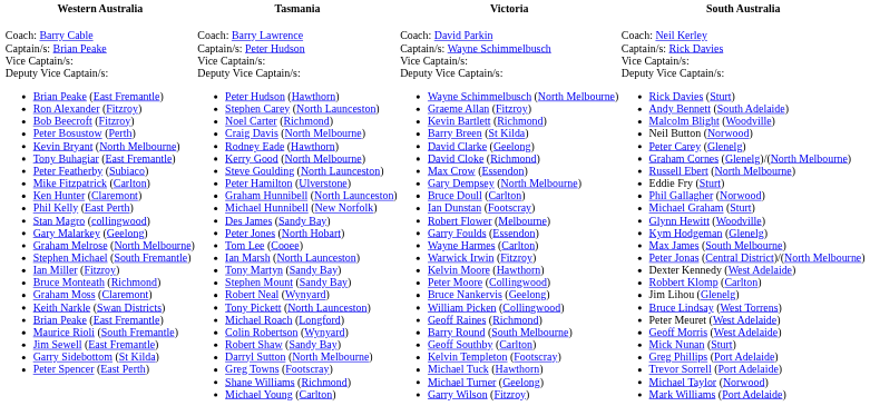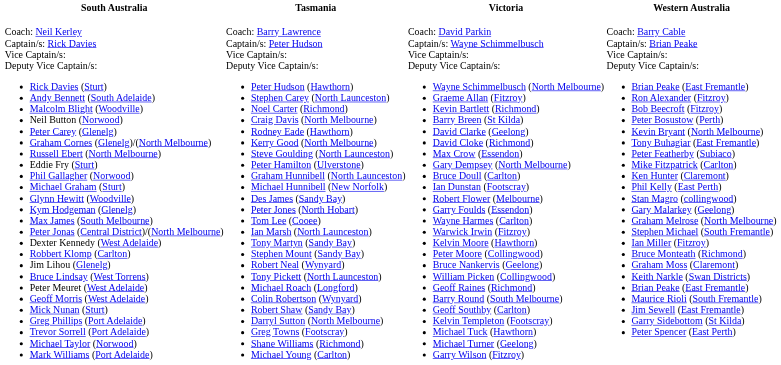 <table>
 <tr>
-<th><span>Western Australia </span></th>
+<th><span>South Australia </span></th>
 <th><span>Tasmania </span></th>
 <th><span>Victoria </span></th>
-<th><span>South Australia </span></th>
+<th><span>Western Australia </span></th>
 </tr>
 <tr valign="top">
-<td><br>Coach: <a href='#'>Barry Cable</a> <br> Captain/s: <a href='#'>Brian Peake</a> <br> Vice Captain/s: <br> Deputy Vice Captain/s: <br><ul><li><a href='#'>Brian Peake</a> (<a href='#'>East Fremantle</a>)</li><li><a href='#'>Ron Alexander</a> (<a href='#'>Fitzroy</a>)</li><li><a href='#'>Bob Beecroft</a> (<a href='#'>Fitzroy</a>)</li><li><a href='#'>Peter Bosustow</a> (<a href='#'>Perth</a>)</li><li><a href='#'>Kevin Bryant</a> (<a href='#'>North Melbourne</a>)</li><li><a href='#'>Tony Buhagiar</a> (<a href='#'>East Fremantle</a>)</li><li><a href='#'>Peter Featherby</a> (<a href='#'>Subiaco</a>)</li><li><a href='#'>Mike Fitzpatrick</a> (<a href='#'>Carlton</a>)</li><li><a href='#'>Ken Hunter</a> (<a href='#'>Claremont</a>)</li><li><a href='#'>Phil Kelly</a> (<a href='#'>East Perth</a>)</li><li><a href='#'>Stan Magro</a> (<a href='#'>collingwood</a>)</li><li><a href='#'>Gary Malarkey</a> (<a href='#'>Geelong</a>)</li><li><a href='#'>Graham Melrose</a> (<a href='#'>North Melbourne</a>)</li><li><a href='#'>Stephen Michael</a> (<a href='#'>South Fremantle</a>)</li><li><a href='#'>Ian Miller</a> (<a href='#'>Fitzroy</a>)</li><li><a href='#'>Bruce Monteath</a> (<a href='#'>Richmond</a>)</li><li><a href='#'>Graham Moss</a> (<a href='#'>Claremont</a>)</li><li><a href='#'>Keith Narkle</a> (<a href='#'>Swan Districts</a>)</li><li><a href='#'>Brian Peake</a> (<a href='#'>East Fremantle</a>)</li><li><a href='#'>Maurice Rioli</a> (<a href='#'>South Fremantle</a>)</li><li><a href='#'>Jim Sewell</a> (<a href='#'>East Fremantle</a>)</li><li><a href='#'>Garry Sidebottom</a> (<a href='#'>St Kilda</a>)</li><li><a href='#'>Peter Spencer</a> (<a href='#'>East Perth</a>)</li></ul></td>
+<td><br>Coach: <a href='#'>Neil Kerley</a> <br> Captain/s: <a href='#'>Rick Davies</a> <br> Vice Captain/s: <br> Deputy Vice Captain/s: <br><ul><li><a href='#'>Rick Davies</a> (<a href='#'>Sturt</a>)</li><li><a href='#'>Andy Bennett</a> (<a href='#'>South Adelaide</a>)</li><li><a href='#'>Malcolm Blight</a> (<a href='#'>Woodville</a>)</li><li>Neil Button (<a href='#'>Norwood</a>)</li><li><a href='#'>Peter Carey</a> (<a href='#'>Glenelg</a>)</li><li><a href='#'>Graham Cornes</a> (<a href='#'>Glenelg</a>)/(<a href='#'>North Melbourne</a>)</li><li><a href='#'>Russell Ebert</a> (<a href='#'>North Melbourne</a>)</li><li>Eddie Fry (<a href='#'>Sturt</a>)</li><li><a href='#'>Phil Gallagher</a> (<a href='#'>Norwood</a>)</li><li><a href='#'>Michael Graham</a> (<a href='#'>Sturt</a>)</li><li><a href='#'>Glynn Hewitt</a> (<a href='#'>Woodville</a>)</li><li><a href='#'>Kym Hodgeman</a> (<a href='#'>Glenelg</a>)</li><li><a href='#'>Max James</a> (<a href='#'>South Melbourne</a>)</li><li><a href='#'>Peter Jonas</a> (<a href='#'>Central District</a>)/(<a href='#'>North Melbourne</a>)</li><li>Dexter Kennedy (<a href='#'>West Adelaide</a>)</li><li><a href='#'>Robbert Klomp</a> (<a href='#'>Carlton</a>)</li><li>Jim Lihou (<a href='#'>Glenelg</a>)</li><li><a href='#'>Bruce Lindsay</a> (<a href='#'>West Torrens</a>)</li><li>Peter Meuret (<a href='#'>West Adelaide</a>)</li><li><a href='#'>Geoff Morris</a> (<a href='#'>West Adelaide</a>)</li><li><a href='#'>Mick Nunan</a> (<a href='#'>Sturt</a>)</li><li><a href='#'>Greg Phillips</a> (<a href='#'>Port Adelaide</a>)</li><li><a href='#'>Trevor Sorrell</a> (<a href='#'>Port Adelaide</a>)</li><li><a href='#'>Michael Taylor</a> (<a href='#'>Norwood</a>)</li><li><a href='#'>Mark Williams</a> (<a href='#'>Port Adelaide</a>)</li></ul></td>
 <td><br>Coach: <a href='#'>Barry Lawrence</a> <br> Captain/s: <a href='#'>Peter Hudson</a> <br> Vice Captain/s: <br> Deputy Vice Captain/s: <br><ul><li><a href='#'>Peter Hudson</a> (<a href='#'>Hawthorn</a>)</li><li><a href='#'>Stephen Carey</a> (<a href='#'>North Launceston</a>)</li><li><a href='#'>Noel Carter</a> (<a href='#'>Richmond</a>)</li><li><a href='#'>Craig Davis</a> (<a href='#'>North Melbourne</a>)</li><li><a href='#'>Rodney Eade</a> (<a href='#'>Hawthorn</a>)</li><li><a href='#'>Kerry Good</a> (<a href='#'>North Melbourne</a>)</li><li><a href='#'>Steve Goulding</a> (<a href='#'>North Launceston</a>)</li><li><a href='#'>Peter Hamilton</a> (<a href='#'>Ulverstone</a>)</li><li><a href='#'>Graham Hunnibell</a> (<a href='#'>North Launceston</a>)</li><li><a href='#'>Michael Hunnibell</a> (<a href='#'>New Norfolk</a>)</li><li><a href='#'>Des James</a> (<a href='#'>Sandy Bay</a>)</li><li><a href='#'>Peter Jones</a> (<a href='#'>North Hobart</a>)</li><li><a href='#'>Tom Lee</a> (<a href='#'>Cooee</a>)</li><li><a href='#'>Ian Marsh</a> (<a href='#'>North Launceston</a>)</li><li><a href='#'>Tony Martyn</a> (<a href='#'>Sandy Bay</a>)</li><li><a href='#'>Stephen Mount</a> (<a href='#'>Sandy Bay</a>)</li><li><a href='#'>Robert Neal</a> (<a href='#'>Wynyard</a>)</li><li><a href='#'>Tony Pickett</a> (<a href='#'>North Launceston</a>)</li><li><a href='#'>Michael Roach</a> (<a href='#'>Longford</a>)</li><li><a href='#'>Colin Robertson</a> (<a href='#'>Wynyard</a>)</li><li><a href='#'>Robert Shaw</a> (<a href='#'>Sandy Bay</a>)</li><li><a href='#'>Darryl Sutton</a> (<a href='#'>North Melbourne</a>)</li><li><a href='#'>Greg Towns</a> (<a href='#'>Footscray</a>)</li><li><a href='#'>Shane Williams</a> (<a href='#'>Richmond</a>)</li><li><a href='#'>Michael Young</a> (<a href='#'>Carlton</a>)</li></ul></td>
 <td><br>Coach: <a href='#'>David Parkin</a> <br> Captain/s: <a href='#'>Wayne Schimmelbusch</a> <br> Vice Captain/s: <br> Deputy Vice Captain/s: <br><ul><li><a href='#'>Wayne Schimmelbusch</a> (<a href='#'>North Melbourne</a>)</li><li><a href='#'>Graeme Allan</a> (<a href='#'>Fitzroy</a>)</li><li><a href='#'>Kevin Bartlett</a> (<a href='#'>Richmond</a>)</li><li><a href='#'>Barry Breen</a> (<a href='#'>St Kilda</a>)</li><li><a href='#'>David Clarke</a> (<a href='#'>Geelong</a>)</li><li><a href='#'>David Cloke</a> (<a href='#'>Richmond</a>)</li><li><a href='#'>Max Crow</a> (<a href='#'>Essendon</a>)</li><li><a href='#'>Gary Dempsey</a> (<a href='#'>North Melbourne</a>)</li><li><a href='#'>Bruce Doull</a> (<a href='#'>Carlton</a>)</li><li><a href='#'>Ian Dunstan</a> (<a href='#'>Footscray</a>)</li><li><a href='#'>Robert Flower</a> (<a href='#'>Melbourne</a>)</li><li><a href='#'>Garry Foulds</a> (<a href='#'>Essendon</a>)</li><li><a href='#'>Wayne Harmes</a> (<a href='#'>Carlton</a>)</li><li><a href='#'>Warwick Irwin</a> (<a href='#'>Fitzroy</a>)</li><li><a href='#'>Kelvin Moore</a> (<a href='#'>Hawthorn</a>)</li><li><a href='#'>Peter Moore</a> (<a href='#'>Collingwood</a>)</li><li><a href='#'>Bruce Nankervis</a> (<a href='#'>Geelong</a>)</li><li><a href='#'>William Picken</a> (<a href='#'>Collingwood</a>)</li><li><a href='#'>Geoff Raines</a> (<a href='#'>Richmond</a>)</li><li><a href='#'>Barry Round</a> (<a href='#'>South Melbourne</a>)</li><li><a href='#'>Geoff Southby</a> (<a href='#'>Carlton</a>)</li><li><a href='#'>Kelvin Templeton</a> (<a href='#'>Footscray</a>)</li><li><a href='#'>Michael Tuck</a> (<a href='#'>Hawthorn</a>)</li><li><a href='#'>Michael Turner</a> (<a href='#'>Geelong</a>)</li><li><a href='#'>Garry Wilson</a> (<a href='#'>Fitzroy</a>)</li></ul></td>
-<td><br>Coach: <a href='#'>Neil Kerley</a> <br> Captain/s: <a href='#'>Rick Davies</a> <br> Vice Captain/s: <br> Deputy Vice Captain/s: <br><ul><li><a href='#'>Rick Davies</a> (<a href='#'>Sturt</a>)</li><li><a href='#'>Andy Bennett</a> (<a href='#'>South Adelaide</a>)</li><li><a href='#'>Malcolm Blight</a> (<a href='#'>Woodville</a>)</li><li>Neil Button (<a href='#'>Norwood</a>)</li><li><a href='#'>Peter Carey</a> (<a href='#'>Glenelg</a>)</li><li><a href='#'>Graham Cornes</a> (<a href='#'>Glenelg</a>)/(<a href='#'>North Melbourne</a>)</li><li><a href='#'>Russell Ebert</a> (<a href='#'>North Melbourne</a>)</li><li>Eddie Fry (<a href='#'>Sturt</a>)</li><li><a href='#'>Phil Gallagher</a> (<a href='#'>Norwood</a>)</li><li><a href='#'>Michael Graham</a> (<a href='#'>Sturt</a>)</li><li><a href='#'>Glynn Hewitt</a> (<a href='#'>Woodville</a>)</li><li><a href='#'>Kym Hodgeman</a> (<a href='#'>Glenelg</a>)</li><li><a href='#'>Max James</a> (<a href='#'>South Melbourne</a>)</li><li><a href='#'>Peter Jonas</a> (<a href='#'>Central District</a>)/(<a href='#'>North Melbourne</a>)</li><li>Dexter Kennedy (<a href='#'>West Adelaide</a>)</li><li><a href='#'>Robbert Klomp</a> (<a href='#'>Carlton</a>)</li><li>Jim Lihou (<a href='#'>Glenelg</a>)</li><li><a href='#'>Bruce Lindsay</a> (<a href='#'>West Torrens</a>)</li><li>Peter Meuret (<a href='#'>West Adelaide</a>)</li><li><a href='#'>Geoff Morris</a> (<a href='#'>West Adelaide</a>)</li><li><a href='#'>Mick Nunan</a> (<a href='#'>Sturt</a>)</li><li><a href='#'>Greg Phillips</a> (<a href='#'>Port Adelaide</a>)</li><li><a href='#'>Trevor Sorrell</a> (<a href='#'>Port Adelaide</a>)</li><li><a href='#'>Michael Taylor</a> (<a href='#'>Norwood</a>)</li><li><a href='#'>Mark Williams</a> (<a href='#'>Port Adelaide</a>)</li></ul></td>
+<td><br>Coach: <a href='#'>Barry Cable</a> <br> Captain/s: <a href='#'>Brian Peake</a> <br> Vice Captain/s: <br> Deputy Vice Captain/s: <br><ul><li><a href='#'>Brian Peake</a> (<a href='#'>East Fremantle</a>)</li><li><a href='#'>Ron Alexander</a> (<a href='#'>Fitzroy</a>)</li><li><a href='#'>Bob Beecroft</a> (<a href='#'>Fitzroy</a>)</li><li><a href='#'>Peter Bosustow</a> (<a href='#'>Perth</a>)</li><li><a href='#'>Kevin Bryant</a> (<a href='#'>North Melbourne</a>)</li><li><a href='#'>Tony Buhagiar</a> (<a href='#'>East Fremantle</a>)</li><li><a href='#'>Peter Featherby</a> (<a href='#'>Subiaco</a>)</li><li><a href='#'>Mike Fitzpatrick</a> (<a href='#'>Carlton</a>)</li><li><a href='#'>Ken Hunter</a> (<a href='#'>Claremont</a>)</li><li><a href='#'>Phil Kelly</a> (<a href='#'>East Perth</a>)</li><li><a href='#'>Stan Magro</a> (<a href='#'>collingwood</a>)</li><li><a href='#'>Gary Malarkey</a> (<a href='#'>Geelong</a>)</li><li><a href='#'>Graham Melrose</a> (<a href='#'>North Melbourne</a>)</li><li><a href='#'>Stephen Michael</a> (<a href='#'>South Fremantle</a>)</li><li><a href='#'>Ian Miller</a> (<a href='#'>Fitzroy</a>)</li><li><a href='#'>Bruce Monteath</a> (<a href='#'>Richmond</a>)</li><li><a href='#'>Graham Moss</a> (<a href='#'>Claremont</a>)</li><li><a href='#'>Keith Narkle</a> (<a href='#'>Swan Districts</a>)</li><li><a href='#'>Brian Peake</a> (<a href='#'>East Fremantle</a>)</li><li><a href='#'>Maurice Rioli</a> (<a href='#'>South Fremantle</a>)</li><li><a href='#'>Jim Sewell</a> (<a href='#'>East Fremantle</a>)</li><li><a href='#'>Garry Sidebottom</a> (<a href='#'>St Kilda</a>)</li><li><a href='#'>Peter Spencer</a> (<a href='#'>East Perth</a>)</li></ul></td>
 </tr>
 </table>
